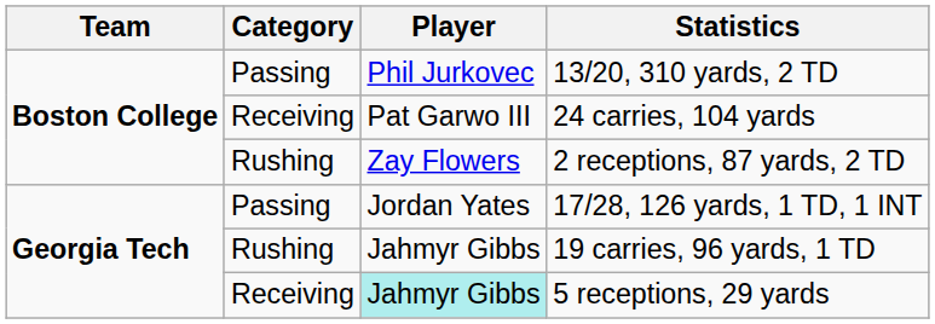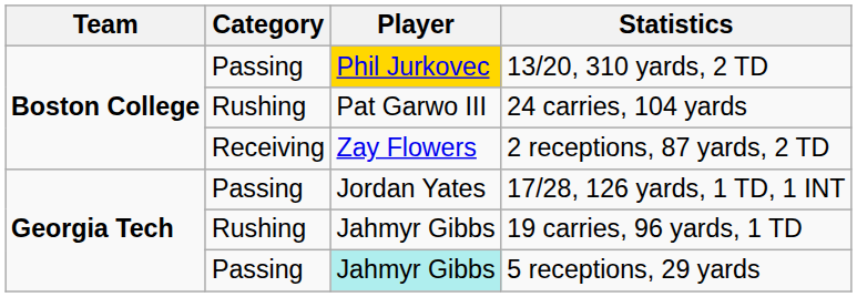 <table class="wikitable" style="float: right;">
 <tr>
 <th>Team</th>
 <th>Category</th>
 <th>Player</th>
 <th>Statistics</th>
 </tr>
 <tr>
 <td rowspan=3><strong>Boston College</strong></td>
 <td>Passing</td>
-<td><a href='#'>Phil Jurkovec</a></td>
+<td style="background: gold;"><a href='#'>Phil Jurkovec</a></td>
 <td>13/20, 310 yards, 2 TD</td>
 </tr>
 <tr>
-<td>Receiving</td>
+<td>Rushing</td>
 <td>Pat Garwo III</td>
 <td>24 carries, 104 yards</td>
 </tr>
 <tr>
-<td>Rushing</td>
+<td>Receiving</td>
 <td><a href='#'>Zay Flowers</a></td>
 <td>2 receptions, 87 yards, 2 TD</td>
 </tr>
 <tr>
 <td rowspan=3><strong>Georgia Tech</strong></td>
 <td>Passing</td>
 <td>Jordan Yates</td>
 <td>17/28, 126 yards, 1 TD, 1 INT</td>
 </tr>
 <tr>
 <td>Rushing</td>
 <td>Jahmyr Gibbs</td>
 <td>19 carries, 96 yards, 1 TD</td>
 </tr>
 <tr>
-<td>Receiving</td>
+<td>Passing</td>
 <td style="background: paleturquoise;">Jahmyr Gibbs</td>
 <td>5 receptions, 29 yards</td>
 </tr>
 </table>
